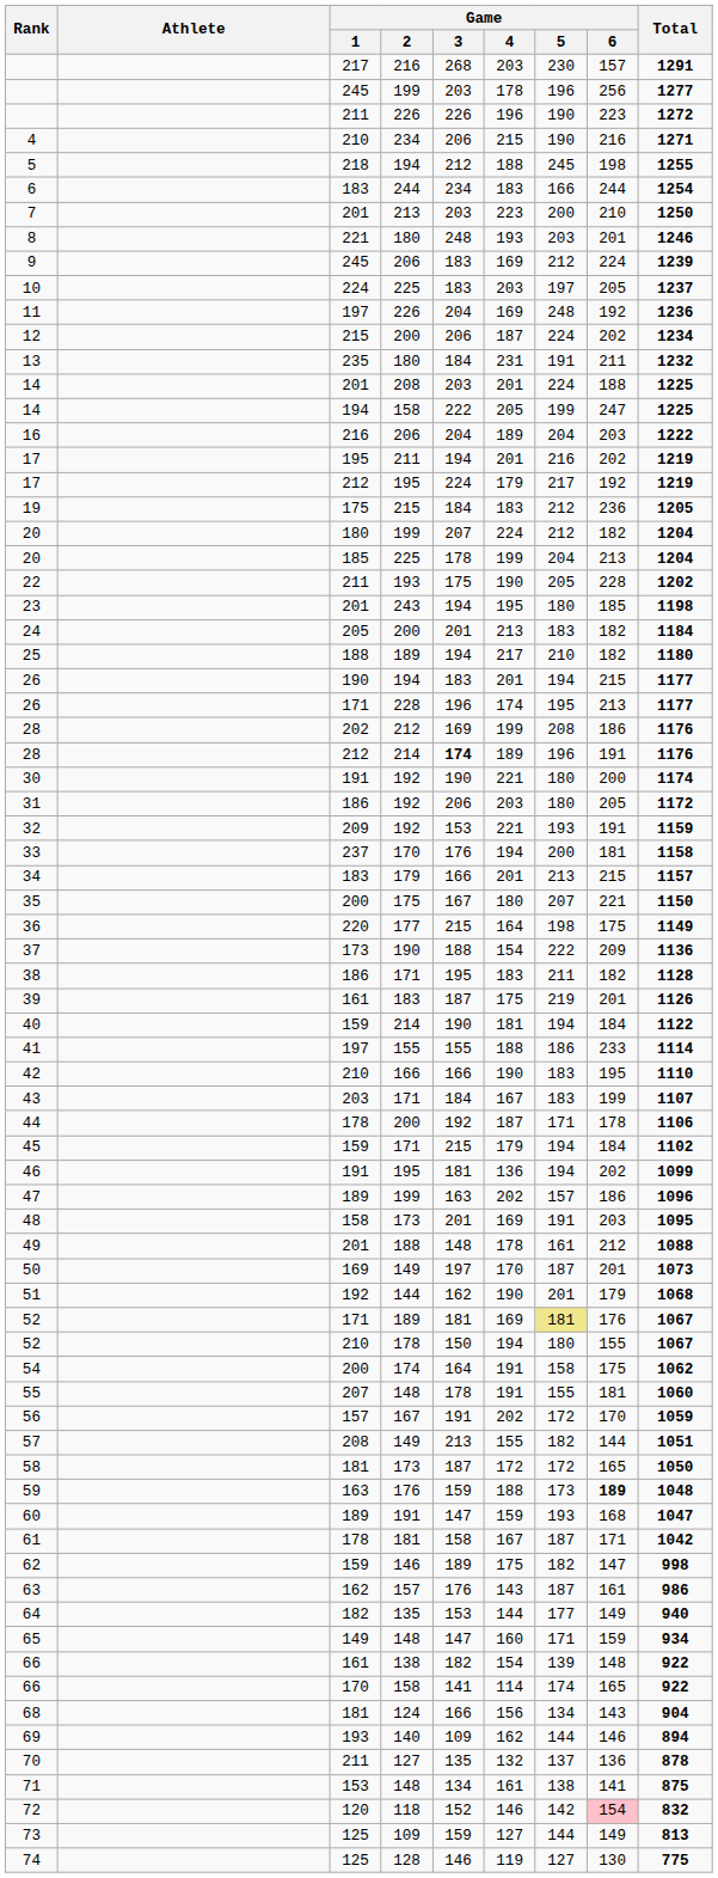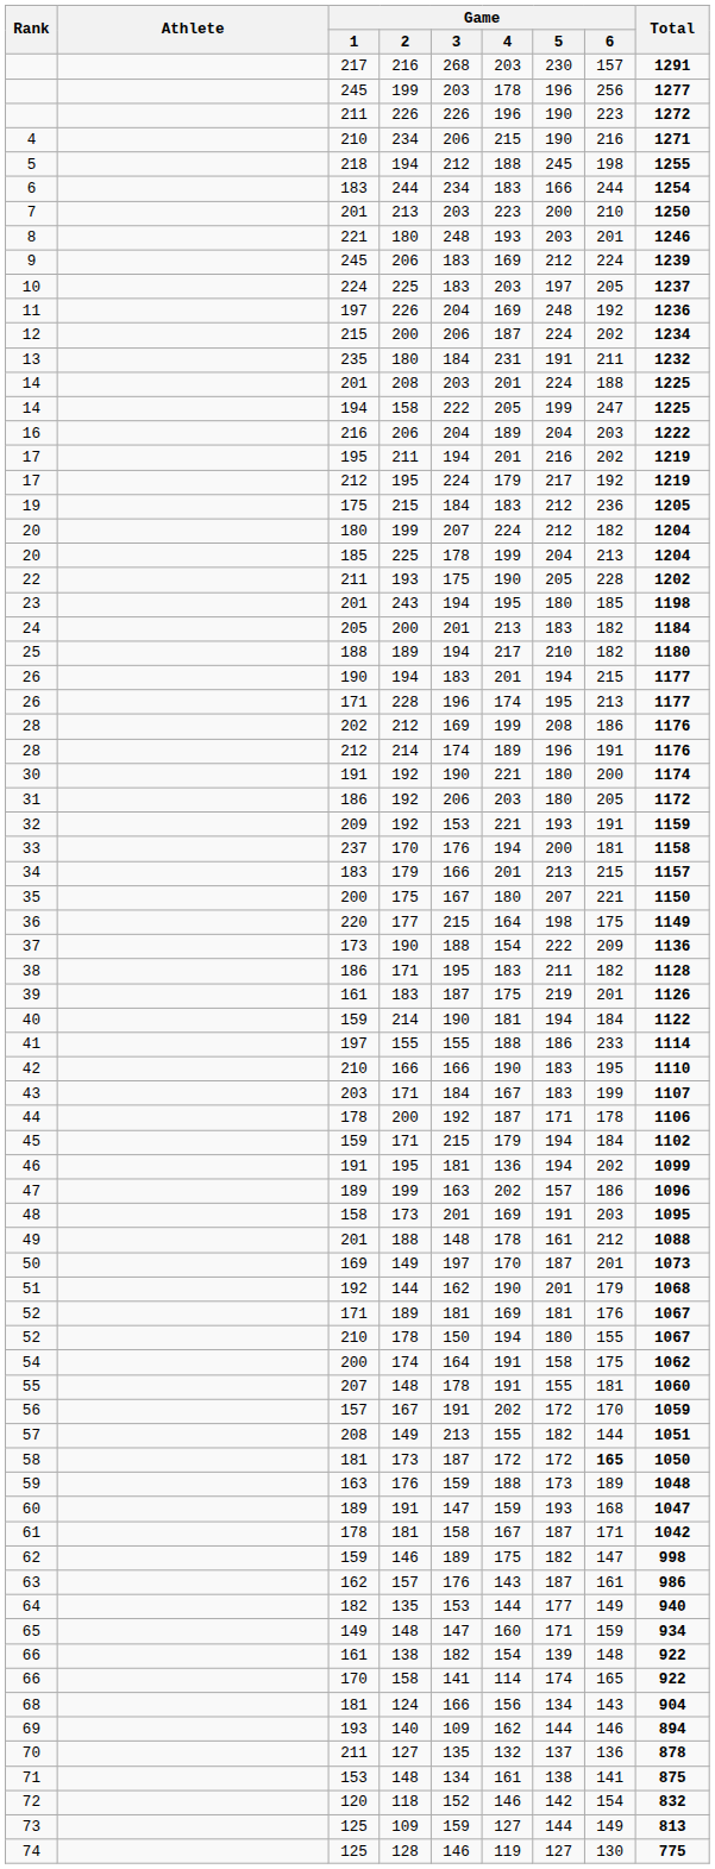 <table class=wikitable style="text-align:center">
 <tr>
 <th rowspan="2" width=40>Rank</th>
 <th rowspan="2" width=250>Athlete</th>
 <th colspan="6">Game</th>
 <th rowspan="2" width=60>Total</th>
 </tr>
 <tr>
 <th width=40>1</th>
 <th width=40>2</th>
 <th width=40>3</th>
 <th width=40>4</th>
 <th width=40>5</th>
 <th width=40>6</th>
 </tr>
 <tr>
 <td></td>
 <td align=left></td>
 <td>217</td>
 <td>216</td>
 <td>268</td>
 <td>203</td>
 <td>230</td>
 <td>157</td>
 <td><strong>1291</strong></td>
 </tr>
 <tr>
 <td></td>
 <td align=left></td>
 <td>245</td>
 <td>199</td>
 <td>203</td>
 <td>178</td>
 <td>196</td>
 <td>256</td>
 <td><strong>1277</strong></td>
 </tr>
 <tr>
 <td></td>
 <td align=left></td>
 <td>211</td>
 <td>226</td>
 <td>226</td>
 <td>196</td>
 <td>190</td>
 <td>223</td>
 <td><strong>1272</strong></td>
 </tr>
 <tr>
 <td>4</td>
 <td align=left></td>
 <td>210</td>
 <td>234</td>
 <td>206</td>
 <td>215</td>
 <td>190</td>
 <td>216</td>
 <td><strong>1271</strong></td>
 </tr>
 <tr>
 <td>5</td>
 <td align=left></td>
 <td>218</td>
 <td>194</td>
 <td>212</td>
 <td>188</td>
 <td>245</td>
 <td>198</td>
 <td><strong>1255</strong></td>
 </tr>
 <tr>
 <td>6</td>
 <td align=left></td>
 <td>183</td>
 <td>244</td>
 <td>234</td>
 <td>183</td>
 <td>166</td>
 <td>244</td>
 <td><strong>1254</strong></td>
 </tr>
 <tr>
 <td>7</td>
 <td align=left></td>
 <td>201</td>
 <td>213</td>
 <td>203</td>
 <td>223</td>
 <td>200</td>
 <td>210</td>
 <td><strong>1250</strong></td>
 </tr>
 <tr>
 <td>8</td>
 <td align=left></td>
 <td>221</td>
 <td>180</td>
 <td>248</td>
 <td>193</td>
 <td>203</td>
 <td>201</td>
 <td><strong>1246</strong></td>
 </tr>
 <tr>
 <td>9</td>
 <td align=left></td>
 <td>245</td>
 <td>206</td>
 <td>183</td>
 <td>169</td>
 <td>212</td>
 <td>224</td>
 <td><strong>1239</strong></td>
 </tr>
 <tr>
 <td>10</td>
 <td align=left></td>
 <td>224</td>
 <td>225</td>
 <td>183</td>
 <td>203</td>
 <td>197</td>
 <td>205</td>
 <td><strong>1237</strong></td>
 </tr>
 <tr>
 <td>11</td>
 <td align=left></td>
 <td>197</td>
 <td>226</td>
 <td>204</td>
 <td>169</td>
 <td>248</td>
 <td>192</td>
 <td><strong>1236</strong></td>
 </tr>
 <tr>
 <td>12</td>
 <td align=left></td>
 <td>215</td>
 <td>200</td>
 <td>206</td>
 <td>187</td>
 <td>224</td>
 <td>202</td>
 <td><strong>1234</strong></td>
 </tr>
 <tr>
 <td>13</td>
 <td align=left></td>
 <td>235</td>
 <td>180</td>
 <td>184</td>
 <td>231</td>
 <td>191</td>
 <td>211</td>
 <td><strong>1232</strong></td>
 </tr>
 <tr>
 <td>14</td>
 <td align=left></td>
 <td>201</td>
 <td>208</td>
 <td>203</td>
 <td>201</td>
 <td>224</td>
 <td>188</td>
 <td><strong>1225</strong></td>
 </tr>
 <tr>
 <td>14</td>
 <td align=left></td>
 <td>194</td>
 <td>158</td>
 <td>222</td>
 <td>205</td>
 <td>199</td>
 <td>247</td>
 <td><strong>1225</strong></td>
 </tr>
 <tr>
 <td>16</td>
 <td align=left></td>
 <td>216</td>
 <td>206</td>
 <td>204</td>
 <td>189</td>
 <td>204</td>
 <td>203</td>
 <td><strong>1222</strong></td>
 </tr>
 <tr>
 <td>17</td>
 <td align=left></td>
 <td>195</td>
 <td>211</td>
 <td>194</td>
 <td>201</td>
 <td>216</td>
 <td>202</td>
 <td><strong>1219</strong></td>
 </tr>
 <tr>
 <td>17</td>
 <td align=left></td>
 <td>212</td>
 <td>195</td>
 <td>224</td>
 <td>179</td>
 <td>217</td>
 <td>192</td>
 <td><strong>1219</strong></td>
 </tr>
 <tr>
 <td>19</td>
 <td align=left></td>
 <td>175</td>
 <td>215</td>
 <td>184</td>
 <td>183</td>
 <td>212</td>
 <td>236</td>
 <td><strong>1205</strong></td>
 </tr>
 <tr>
 <td>20</td>
 <td align=left></td>
 <td>180</td>
 <td>199</td>
 <td>207</td>
 <td>224</td>
 <td>212</td>
 <td>182</td>
 <td><strong>1204</strong></td>
 </tr>
 <tr>
 <td>20</td>
 <td align=left></td>
 <td>185</td>
 <td>225</td>
 <td>178</td>
 <td>199</td>
 <td>204</td>
 <td>213</td>
 <td><strong>1204</strong></td>
 </tr>
 <tr>
 <td>22</td>
 <td align=left></td>
 <td>211</td>
 <td>193</td>
 <td>175</td>
 <td>190</td>
 <td>205</td>
 <td>228</td>
 <td><strong>1202</strong></td>
 </tr>
 <tr>
 <td>23</td>
 <td align=left></td>
 <td>201</td>
 <td>243</td>
 <td>194</td>
 <td>195</td>
 <td>180</td>
 <td>185</td>
 <td><strong>1198</strong></td>
 </tr>
 <tr>
 <td>24</td>
 <td align=left></td>
 <td>205</td>
 <td>200</td>
 <td>201</td>
 <td>213</td>
 <td>183</td>
 <td>182</td>
 <td><strong>1184</strong></td>
 </tr>
 <tr>
 <td>25</td>
 <td align=left></td>
 <td>188</td>
 <td>189</td>
 <td>194</td>
 <td>217</td>
 <td>210</td>
 <td>182</td>
 <td><strong>1180</strong></td>
 </tr>
 <tr>
 <td>26</td>
 <td align=left></td>
 <td>190</td>
 <td>194</td>
 <td>183</td>
 <td>201</td>
 <td>194</td>
 <td>215</td>
 <td><strong>1177</strong></td>
 </tr>
 <tr>
 <td>26</td>
 <td align=left></td>
 <td>171</td>
 <td>228</td>
 <td>196</td>
 <td>174</td>
 <td>195</td>
 <td>213</td>
 <td><strong>1177</strong></td>
 </tr>
 <tr>
 <td>28</td>
 <td align=left></td>
 <td>202</td>
 <td>212</td>
 <td>169</td>
 <td>199</td>
 <td>208</td>
 <td>186</td>
 <td><strong>1176</strong></td>
 </tr>
 <tr>
 <td>28</td>
 <td align=left></td>
 <td>212</td>
 <td>214</td>
-<td><strong>174</strong></td>
+<td>174</td>
 <td>189</td>
 <td>196</td>
 <td>191</td>
 <td><strong>1176</strong></td>
 </tr>
 <tr>
 <td>30</td>
 <td align=left></td>
 <td>191</td>
 <td>192</td>
 <td>190</td>
 <td>221</td>
 <td>180</td>
 <td>200</td>
 <td><strong>1174</strong></td>
 </tr>
 <tr>
 <td>31</td>
 <td align=left></td>
 <td>186</td>
 <td>192</td>
 <td>206</td>
 <td>203</td>
 <td>180</td>
 <td>205</td>
 <td><strong>1172</strong></td>
 </tr>
 <tr>
 <td>32</td>
 <td align=left></td>
 <td>209</td>
 <td>192</td>
 <td>153</td>
 <td>221</td>
 <td>193</td>
 <td>191</td>
 <td><strong>1159</strong></td>
 </tr>
 <tr>
 <td>33</td>
 <td align=left></td>
 <td>237</td>
 <td>170</td>
 <td>176</td>
 <td>194</td>
 <td>200</td>
 <td>181</td>
 <td><strong>1158</strong></td>
 </tr>
 <tr>
 <td>34</td>
 <td align=left></td>
 <td>183</td>
 <td>179</td>
 <td>166</td>
 <td>201</td>
 <td>213</td>
 <td>215</td>
 <td><strong>1157</strong></td>
 </tr>
 <tr>
 <td>35</td>
 <td align=left></td>
 <td>200</td>
 <td>175</td>
 <td>167</td>
 <td>180</td>
 <td>207</td>
 <td>221</td>
 <td><strong>1150</strong></td>
 </tr>
 <tr>
 <td>36</td>
 <td align=left></td>
 <td>220</td>
 <td>177</td>
 <td>215</td>
 <td>164</td>
 <td>198</td>
 <td>175</td>
 <td><strong>1149</strong></td>
 </tr>
 <tr>
 <td>37</td>
 <td align=left></td>
 <td>173</td>
 <td>190</td>
 <td>188</td>
 <td>154</td>
 <td>222</td>
 <td>209</td>
 <td><strong>1136</strong></td>
 </tr>
 <tr>
 <td>38</td>
 <td align=left></td>
 <td>186</td>
 <td>171</td>
 <td>195</td>
 <td>183</td>
 <td>211</td>
 <td>182</td>
 <td><strong>1128</strong></td>
 </tr>
 <tr>
 <td>39</td>
 <td align=left></td>
 <td>161</td>
 <td>183</td>
 <td>187</td>
 <td>175</td>
 <td>219</td>
 <td>201</td>
 <td><strong>1126</strong></td>
 </tr>
 <tr>
 <td>40</td>
 <td align=left></td>
 <td>159</td>
 <td>214</td>
 <td>190</td>
 <td>181</td>
 <td>194</td>
 <td>184</td>
 <td><strong>1122</strong></td>
 </tr>
 <tr>
 <td>41</td>
 <td align=left></td>
 <td>197</td>
 <td>155</td>
 <td>155</td>
 <td>188</td>
 <td>186</td>
 <td>233</td>
 <td><strong>1114</strong></td>
 </tr>
 <tr>
 <td>42</td>
 <td align=left></td>
 <td>210</td>
 <td>166</td>
 <td>166</td>
 <td>190</td>
 <td>183</td>
 <td>195</td>
 <td><strong>1110</strong></td>
 </tr>
 <tr>
 <td>43</td>
 <td align=left></td>
 <td>203</td>
 <td>171</td>
 <td>184</td>
 <td>167</td>
 <td>183</td>
 <td>199</td>
 <td><strong>1107</strong></td>
 </tr>
 <tr>
 <td>44</td>
 <td align=left></td>
 <td>178</td>
 <td>200</td>
 <td>192</td>
 <td>187</td>
 <td>171</td>
 <td>178</td>
 <td><strong>1106</strong></td>
 </tr>
 <tr>
 <td>45</td>
 <td align=left></td>
 <td>159</td>
 <td>171</td>
 <td>215</td>
 <td>179</td>
 <td>194</td>
 <td>184</td>
 <td><strong>1102</strong></td>
 </tr>
 <tr>
 <td>46</td>
 <td align=left></td>
 <td>191</td>
 <td>195</td>
 <td>181</td>
 <td>136</td>
 <td>194</td>
 <td>202</td>
 <td><strong>1099</strong></td>
 </tr>
 <tr>
 <td>47</td>
 <td align=left></td>
 <td>189</td>
 <td>199</td>
 <td>163</td>
 <td>202</td>
 <td>157</td>
 <td>186</td>
 <td><strong>1096</strong></td>
 </tr>
 <tr>
 <td>48</td>
 <td align=left></td>
 <td>158</td>
 <td>173</td>
 <td>201</td>
 <td>169</td>
 <td>191</td>
 <td>203</td>
 <td><strong>1095</strong></td>
 </tr>
 <tr>
 <td>49</td>
 <td align=left></td>
 <td>201</td>
 <td>188</td>
 <td>148</td>
 <td>178</td>
 <td>161</td>
 <td>212</td>
 <td><strong>1088</strong></td>
 </tr>
 <tr>
 <td>50</td>
 <td align=left></td>
 <td>169</td>
 <td>149</td>
 <td>197</td>
 <td>170</td>
 <td>187</td>
 <td>201</td>
 <td><strong>1073</strong></td>
 </tr>
 <tr>
 <td>51</td>
 <td align=left></td>
 <td>192</td>
 <td>144</td>
 <td>162</td>
 <td>190</td>
 <td>201</td>
 <td>179</td>
 <td><strong>1068</strong></td>
 </tr>
 <tr>
 <td>52</td>
 <td align=left></td>
 <td>171</td>
 <td>189</td>
 <td>181</td>
 <td>169</td>
-<td style="background: khaki;">181</td>
+<td>181</td>
 <td>176</td>
 <td><strong>1067</strong></td>
 </tr>
 <tr>
 <td>52</td>
 <td align=left></td>
 <td>210</td>
 <td>178</td>
 <td>150</td>
 <td>194</td>
 <td>180</td>
 <td>155</td>
 <td><strong>1067</strong></td>
 </tr>
 <tr>
 <td>54</td>
 <td align=left></td>
 <td>200</td>
 <td>174</td>
 <td>164</td>
 <td>191</td>
 <td>158</td>
 <td>175</td>
 <td><strong>1062</strong></td>
 </tr>
 <tr>
 <td>55</td>
 <td align=left></td>
 <td>207</td>
 <td>148</td>
 <td>178</td>
 <td>191</td>
 <td>155</td>
 <td>181</td>
 <td><strong>1060</strong></td>
 </tr>
 <tr>
 <td>56</td>
 <td align=left></td>
 <td>157</td>
 <td>167</td>
 <td>191</td>
 <td>202</td>
 <td>172</td>
 <td>170</td>
 <td><strong>1059</strong></td>
 </tr>
 <tr>
 <td>57</td>
 <td align=left></td>
 <td>208</td>
 <td>149</td>
 <td>213</td>
 <td>155</td>
 <td>182</td>
 <td>144</td>
 <td><strong>1051</strong></td>
 </tr>
 <tr>
 <td>58</td>
 <td align=left></td>
 <td>181</td>
 <td>173</td>
 <td>187</td>
 <td>172</td>
 <td>172</td>
-<td>165</td>
+<td><strong>165</strong></td>
 <td><strong>1050</strong></td>
 </tr>
 <tr>
 <td>59</td>
 <td align=left></td>
 <td>163</td>
 <td>176</td>
 <td>159</td>
 <td>188</td>
 <td>173</td>
-<td><strong>189</strong></td>
+<td>189</td>
 <td><strong>1048</strong></td>
 </tr>
 <tr>
 <td>60</td>
 <td align=left></td>
 <td>189</td>
 <td>191</td>
 <td>147</td>
 <td>159</td>
 <td>193</td>
 <td>168</td>
 <td><strong>1047</strong></td>
 </tr>
 <tr>
 <td>61</td>
 <td align=left></td>
 <td>178</td>
 <td>181</td>
 <td>158</td>
 <td>167</td>
 <td>187</td>
 <td>171</td>
 <td><strong>1042</strong></td>
 </tr>
 <tr>
 <td>62</td>
 <td align=left></td>
 <td>159</td>
 <td>146</td>
 <td>189</td>
 <td>175</td>
 <td>182</td>
 <td>147</td>
 <td><strong>998</strong></td>
 </tr>
 <tr>
 <td>63</td>
 <td align=left></td>
 <td>162</td>
 <td>157</td>
 <td>176</td>
 <td>143</td>
 <td>187</td>
 <td>161</td>
 <td><strong>986</strong></td>
 </tr>
 <tr>
 <td>64</td>
 <td align=left></td>
 <td>182</td>
 <td>135</td>
 <td>153</td>
 <td>144</td>
 <td>177</td>
 <td>149</td>
 <td><strong>940</strong></td>
 </tr>
 <tr>
 <td>65</td>
 <td align=left></td>
 <td>149</td>
 <td>148</td>
 <td>147</td>
 <td>160</td>
 <td>171</td>
 <td>159</td>
 <td><strong>934</strong></td>
 </tr>
 <tr>
 <td>66</td>
 <td align=left></td>
 <td>161</td>
 <td>138</td>
 <td>182</td>
 <td>154</td>
 <td>139</td>
 <td>148</td>
 <td><strong>922</strong></td>
 </tr>
 <tr>
 <td>66</td>
 <td align=left></td>
 <td>170</td>
 <td>158</td>
 <td>141</td>
 <td>114</td>
 <td>174</td>
 <td>165</td>
 <td><strong>922</strong></td>
 </tr>
 <tr>
 <td>68</td>
 <td align=left></td>
 <td>181</td>
 <td>124</td>
 <td>166</td>
 <td>156</td>
 <td>134</td>
 <td>143</td>
 <td><strong>904</strong></td>
 </tr>
 <tr>
 <td>69</td>
 <td align=left></td>
 <td>193</td>
 <td>140</td>
 <td>109</td>
 <td>162</td>
 <td>144</td>
 <td>146</td>
 <td><strong>894</strong></td>
 </tr>
 <tr>
 <td>70</td>
 <td align=left></td>
 <td>211</td>
 <td>127</td>
 <td>135</td>
 <td>132</td>
 <td>137</td>
 <td>136</td>
 <td><strong>878</strong></td>
 </tr>
 <tr>
 <td>71</td>
 <td align=left></td>
 <td>153</td>
 <td>148</td>
 <td>134</td>
 <td>161</td>
 <td>138</td>
 <td>141</td>
 <td><strong>875</strong></td>
 </tr>
 <tr>
 <td>72</td>
 <td align=left></td>
 <td>120</td>
 <td>118</td>
 <td>152</td>
 <td>146</td>
 <td>142</td>
-<td style="background: pink;">154</td>
+<td>154</td>
 <td><strong>832</strong></td>
 </tr>
 <tr>
 <td>73</td>
 <td align=left></td>
 <td>125</td>
 <td>109</td>
 <td>159</td>
 <td>127</td>
 <td>144</td>
 <td>149</td>
 <td><strong>813</strong></td>
 </tr>
 <tr>
 <td>74</td>
 <td align=left></td>
 <td>125</td>
 <td>128</td>
 <td>146</td>
 <td>119</td>
 <td>127</td>
 <td>130</td>
 <td><strong>775</strong></td>
 </tr>
 </table>
